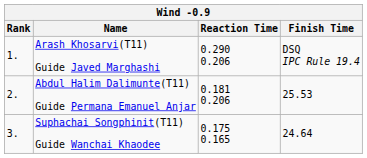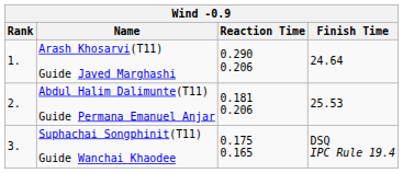 <table class="wikitable">
 <tr>
 <th colspan="4">Wind -0.9</th>
 </tr>
 <tr>
 <th>Rank</th>
 <th>Name</th>
 <th>Reaction Time</th>
 <th>Finish Time</th>
 </tr>
 <tr>
 <td>1.</td>
 <td><a href='#'>Arash Khosarvi</a>(T11)<br><br>Guide <a href='#'>Javed Marghashi</a><br> </td>
 <td>0.290<br>0.206</td>
-<td>DSQ<br><em>IPC Rule 19.4</em></td>
+<td>24.64</td>
 </tr>
 <tr>
 <td>2.</td>
 <td><a href='#'>Abdul Halim Dalimunte</a>(T11)<br><br>Guide <a href='#'>Permana Emanuel Anjar</a><br> </td>
 <td>0.181<br>0.206</td>
 <td>25.53</td>
 </tr>
 <tr>
 <td>3.</td>
 <td><a href='#'>Suphachai Songphinit</a>(T11)<br><br>Guide <a href='#'>Wanchai Khaodee</a><br> </td>
 <td>0.175<br>0.165</td>
-<td>24.64</td>
+<td>DSQ<br><em>IPC Rule 19.4</em></td>
 </tr>
 </table>
